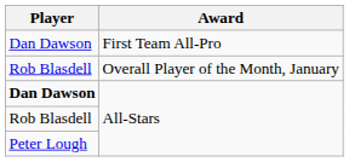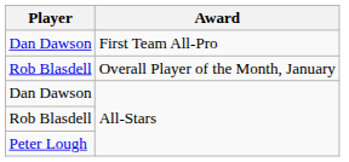 <table class="wikitable">
 <tr>
 <th>Player</th>
 <th>Award</th>
 </tr>
 <tr>
 <td><a href='#'>Dan Dawson</a></td>
 <td>First Team All-Pro</td>
 </tr>
 <tr>
 <td><a href='#'>Rob Blasdell</a></td>
 <td>Overall Player of the Month, January</td>
 </tr>
 <tr>
-<td><strong>Dan Dawson</strong></td>
+<td>Dan Dawson</td>
 <td rowspan=3>All-Stars</td>
 </tr>
 <tr>
 <td>Rob Blasdell</td>
 </tr>
 <tr>
 <td><a href='#'>Peter Lough</a></td>
 </tr>
 </table>
